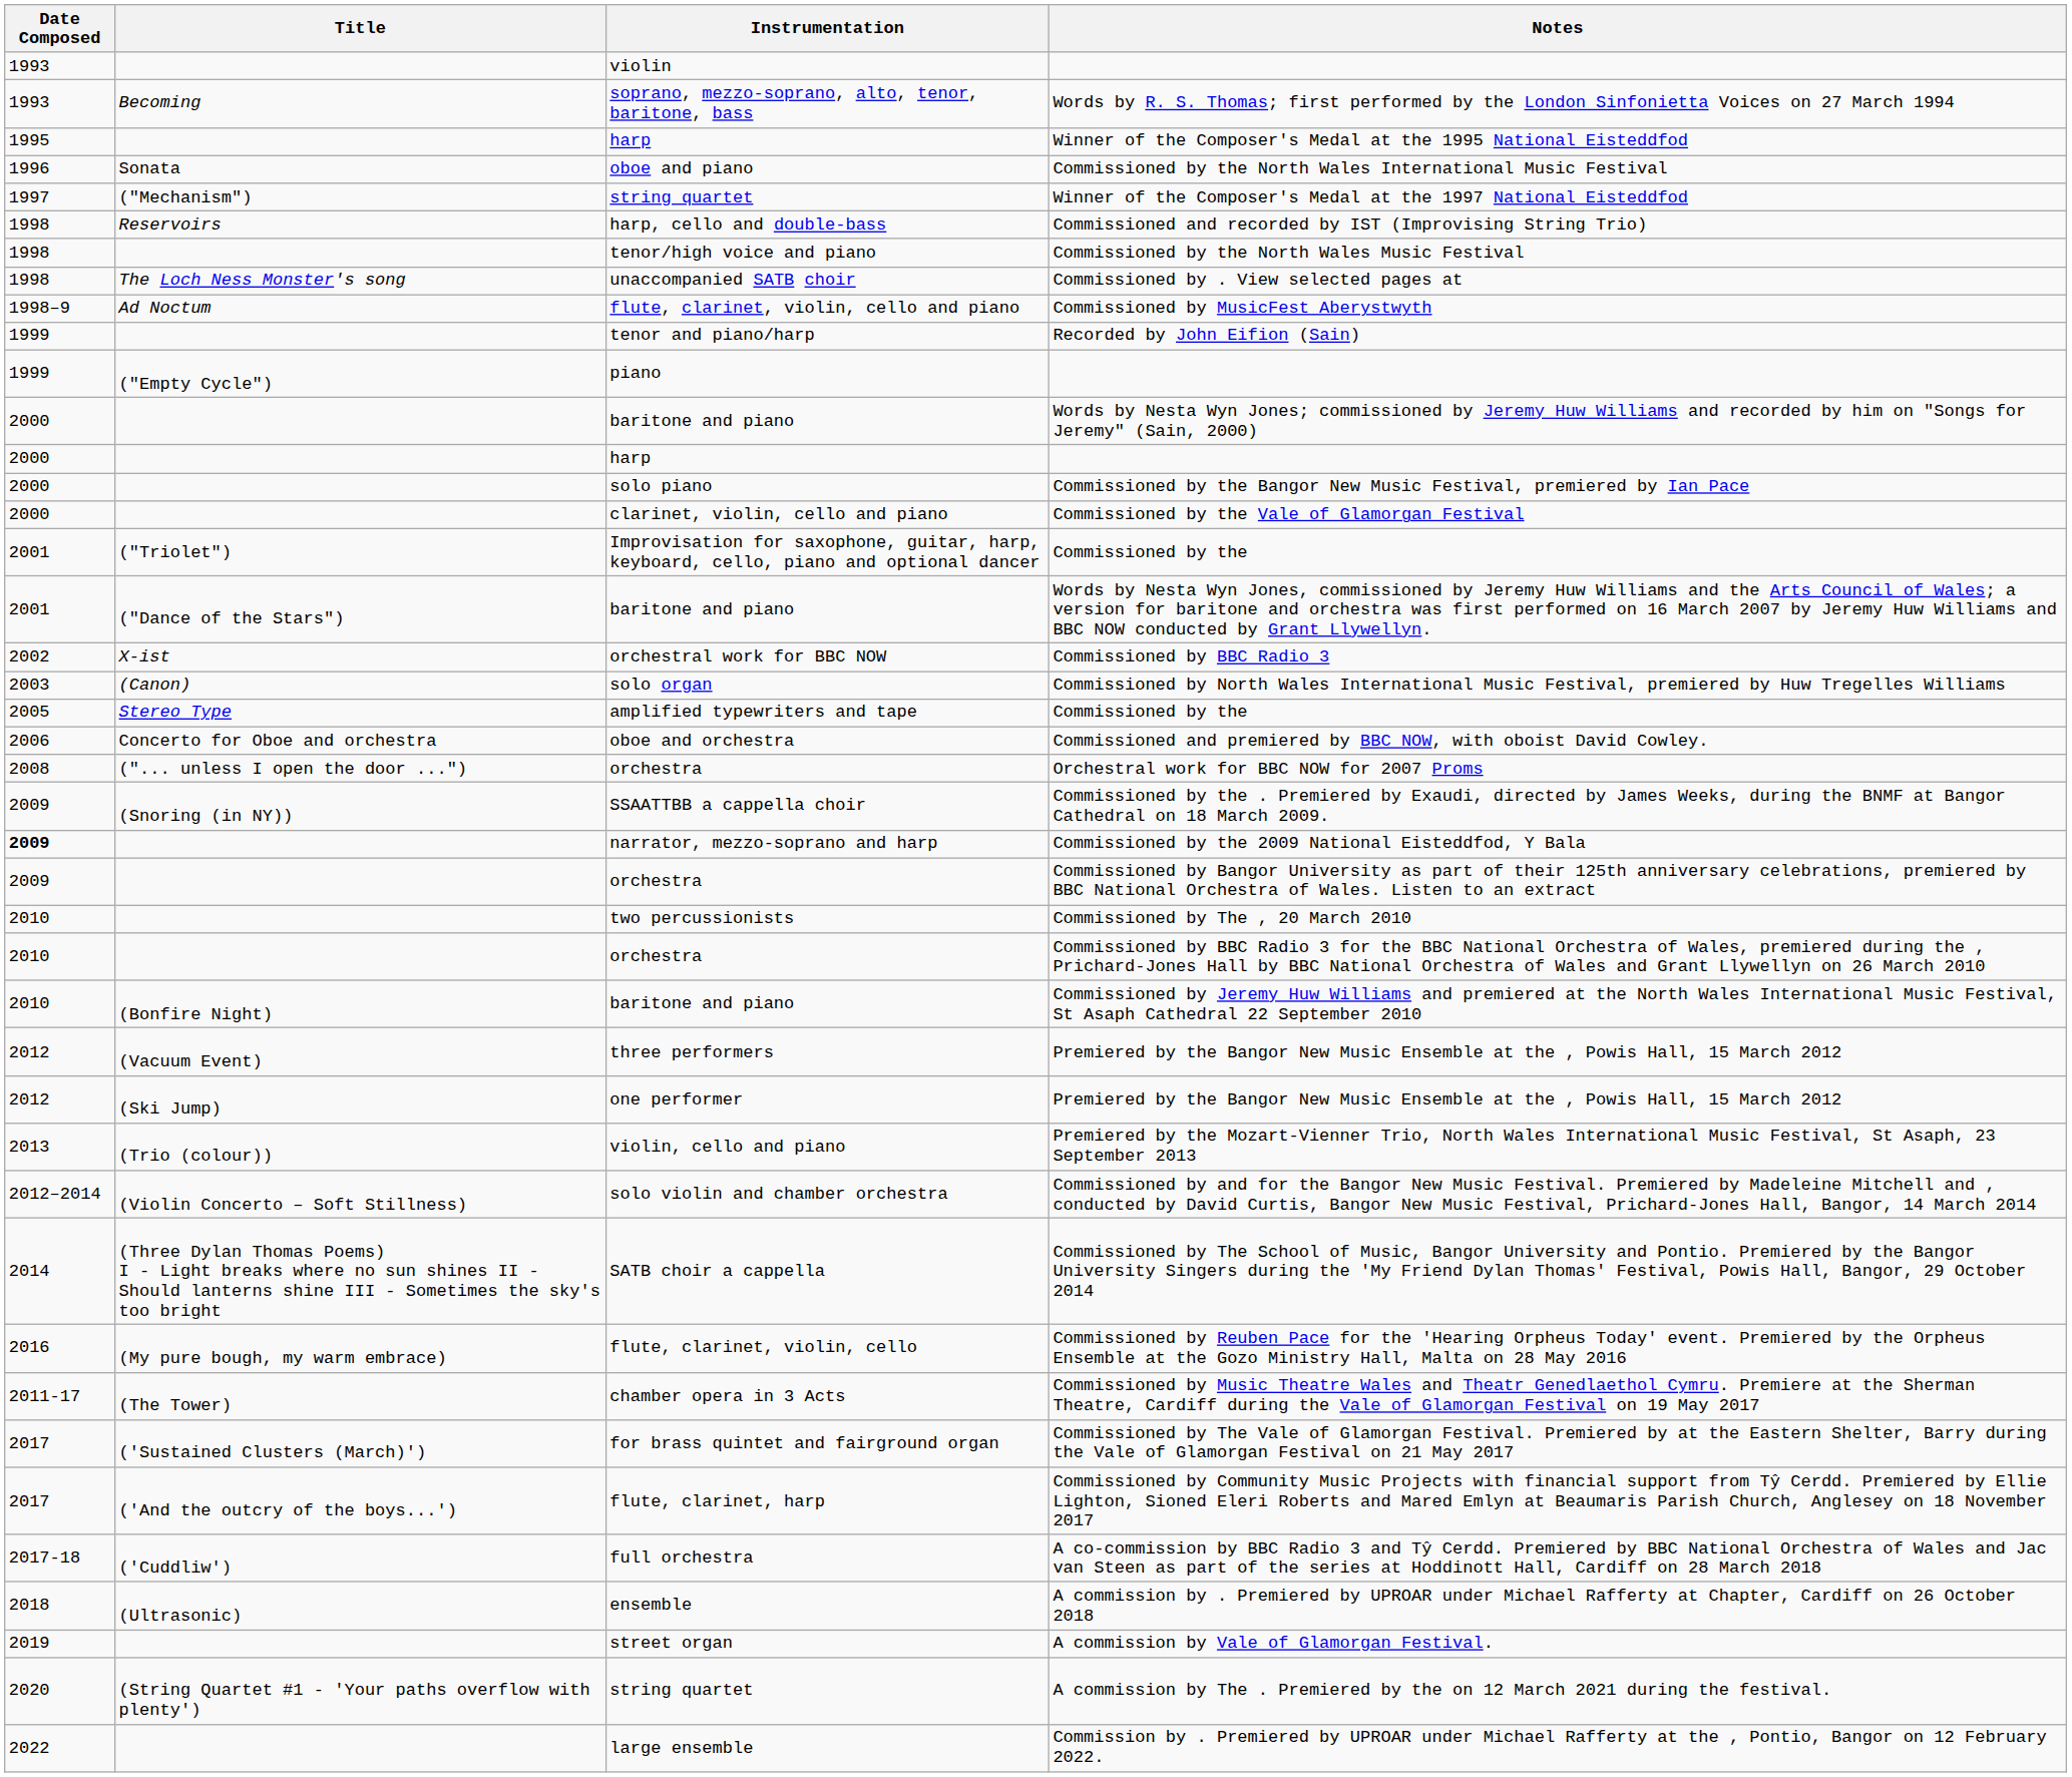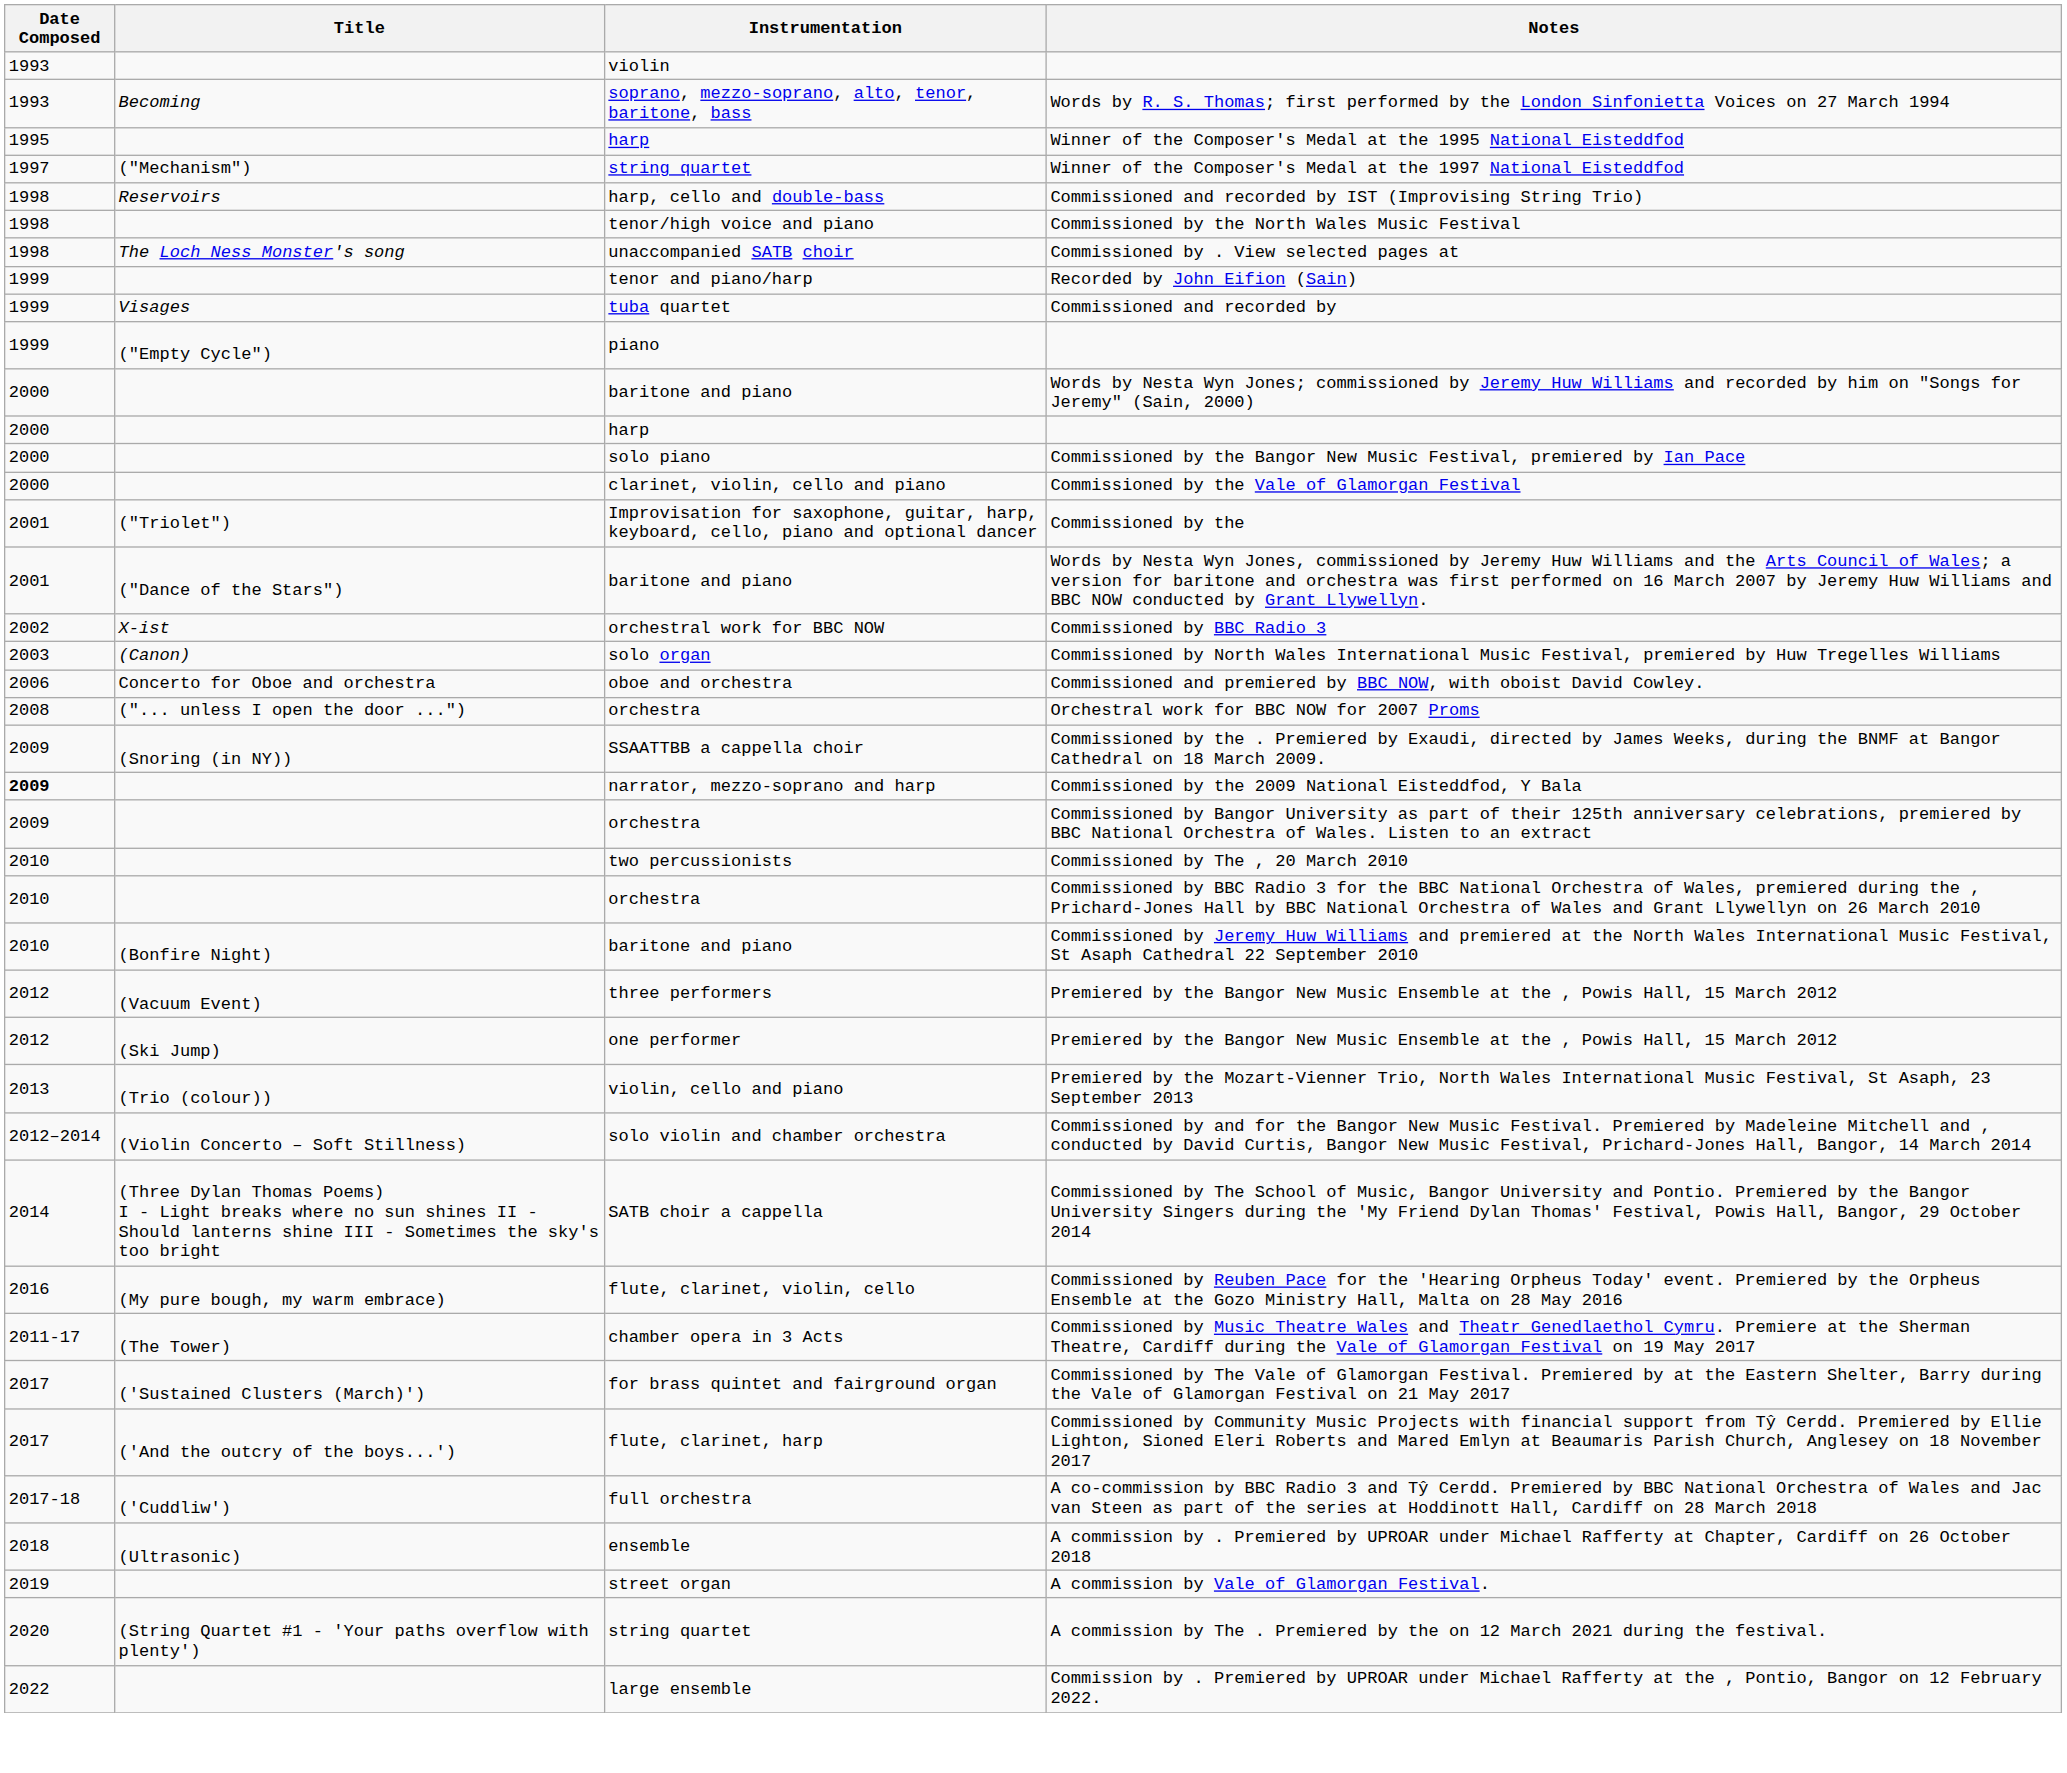 <table class="wikitable sortable">
 <tr>
 <th>Date Composed</th>
 <th>Title</th>
 <th class="unsortable">Instrumentation</th>
 <th class="unsortable">Notes</th>
 </tr>
 <tr>
 <td>1993</td>
 <td></td>
 <td>violin</td>
 <td></td>
 </tr>
 <tr>
 <td>1993</td>
 <td><em>Becoming</em></td>
 <td><a href='#'>soprano</a>, <a href='#'>mezzo-soprano</a>, <a href='#'>alto</a>, <a href='#'>tenor</a>, <a href='#'>baritone</a>, <a href='#'>bass</a></td>
 <td>Words by <a href='#'>R. S. Thomas</a>; first performed by the <a href='#'>London Sinfonietta</a> Voices on 27 March 1994</td>
 </tr>
 <tr>
 <td>1995</td>
 <td></td>
 <td><a href='#'>harp</a></td>
 <td>Winner of the Composer's Medal at the 1995 <a href='#'>National Eisteddfod</a></td>
 </tr>
 <tr>
-<td>1996</td>
-<td>Sonata</td>
-<td><a href='#'>oboe</a> and piano</td>
-<td>Commissioned by the North Wales International Music Festival</td>
-</tr>
-<tr>
 <td>1997</td>
 <td> ("Mechanism")</td>
 <td><a href='#'>string quartet</a></td>
 <td>Winner of the Composer's Medal at the 1997 <a href='#'>National Eisteddfod</a></td>
 </tr>
 <tr>
 <td>1998</td>
 <td><em>Reservoirs</em></td>
 <td>harp, cello and <a href='#'>double-bass</a></td>
 <td>Commissioned and recorded by IST (Improvising String Trio)</td>
 </tr>
 <tr>
 <td>1998</td>
 <td></td>
 <td>tenor/high voice and piano</td>
 <td>Commissioned by the North Wales Music Festival</td>
 </tr>
 <tr>
 <td>1998</td>
 <td><em>The <a href='#'>Loch Ness Monster</a>'s song</em></td>
 <td>unaccompanied <a href='#'>SATB</a> <a href='#'>choir</a></td>
 <td>Commissioned by . View selected pages at </td>
 </tr>
 <tr>
-<td>1998–9</td>
-<td><em>Ad Noctum</em></td>
-<td><a href='#'>flute</a>, <a href='#'>clarinet</a>, violin, cello and piano</td>
-<td>Commissioned by <a href='#'>MusicFest Aberystwyth</a></td>
-</tr>
-<tr>
 <td>1999</td>
 <td></td>
 <td>tenor and piano/harp</td>
 <td>Recorded by <a href='#'>John Eifion</a> (<a href='#'>Sain</a>)</td>
+</tr>
+<tr>
+<td>1999</td>
+<td><em>Visages</em></td>
+<td><a href='#'>tuba</a> quartet</td>
+<td>Commissioned and recorded by  </td>
 </tr>
 <tr>
 <td>1999</td>
 <td><em></em><br>("Empty Cycle")</td>
 <td>piano</td>
 <td></td>
 </tr>
 <tr>
 <td>2000</td>
 <td></td>
 <td>baritone and piano</td>
 <td>Words by Nesta Wyn Jones; commissioned by <a href='#'>Jeremy Huw Williams</a> and recorded by him on "Songs for Jeremy" (Sain, 2000)</td>
 </tr>
 <tr>
 <td>2000</td>
 <td><em></em></td>
 <td>harp</td>
 <td></td>
 </tr>
 <tr>
 <td>2000</td>
 <td></td>
 <td>solo piano</td>
 <td>Commissioned by the Bangor New Music Festival, premiered by <a href='#'>Ian Pace</a></td>
 </tr>
 <tr>
 <td>2000</td>
 <td><em></em></td>
 <td>clarinet, violin, cello and piano</td>
 <td>Commissioned by the <a href='#'>Vale of Glamorgan Festival</a></td>
 </tr>
 <tr>
 <td>2001</td>
 <td><em></em> ("Triolet")</td>
 <td>Improvisation for saxophone, guitar, harp, keyboard, cello, piano and optional dancer</td>
 <td>Commissioned by the </td>
 </tr>
 <tr>
 <td>2001</td>
 <td><br>("Dance of the Stars")</td>
 <td>baritone and piano</td>
 <td>Words by Nesta Wyn Jones, commissioned by Jeremy Huw Williams and the <a href='#'>Arts Council of Wales</a>; a version for baritone and orchestra was first performed on 16 March 2007 by Jeremy Huw Williams and BBC NOW conducted by <a href='#'>Grant Llywellyn</a>.</td>
 </tr>
 <tr>
 <td>2002</td>
 <td><em>X-ist</em></td>
 <td>orchestral work for BBC NOW</td>
 <td>Commissioned by <a href='#'>BBC Radio 3</a></td>
 </tr>
 <tr>
 <td>2003</td>
 <td><em> (Canon)</em></td>
 <td>solo <a href='#'>organ</a></td>
 <td>Commissioned by North Wales International Music Festival, premiered by Huw Tregelles Williams</td>
-</tr>
-<tr>
-<td>2005</td>
-<td><em><a href='#'>Stereo Type</a></em></td>
-<td>amplified typewriters and tape</td>
-<td>Commissioned by the </td>
 </tr>
 <tr>
 <td>2006</td>
 <td>Concerto for Oboe and orchestra</td>
 <td>oboe and orchestra</td>
 <td>Commissioned and premiered by <a href='#'>BBC NOW</a>, with oboist David Cowley.</td>
 </tr>
 <tr>
 <td>2008</td>
 <td> ("... unless I open the door ...")</td>
 <td>orchestra</td>
 <td>Orchestral work for BBC NOW for 2007 <a href='#'>Proms</a></td>
 </tr>
 <tr>
 <td>2009</td>
 <td><br>(Snoring (in NY))</td>
 <td>SSAATTBB a cappella choir</td>
 <td>Commissioned by the . Premiered by Exaudi, directed by James Weeks, during the BNMF at Bangor Cathedral on 18 March 2009.</td>
 </tr>
 <tr>
 <td><strong>2009</strong></td>
 <td><em></em></td>
 <td>narrator, mezzo-soprano and harp</td>
 <td>Commissioned by the 2009 National Eisteddfod, Y Bala</td>
 </tr>
 <tr>
 <td>2009</td>
 <td><em> </em></td>
 <td>orchestra</td>
 <td>Commissioned by Bangor University as part of their 125th anniversary celebrations, premiered by BBC National Orchestra of Wales. Listen to an extract </td>
 </tr>
 <tr>
 <td>2010</td>
 <td><em></em></td>
 <td>two percussionists</td>
 <td>Commissioned by The , 20 March 2010</td>
 </tr>
 <tr>
 <td>2010</td>
 <td><em></em></td>
 <td>orchestra</td>
 <td>Commissioned by BBC Radio 3 for the BBC National Orchestra of Wales, premiered during the , Prichard-Jones Hall by BBC National Orchestra of Wales and Grant Llywellyn on 26 March 2010</td>
 </tr>
 <tr>
 <td>2010</td>
 <td><br>(Bonfire Night)</td>
 <td>baritone and piano</td>
 <td>Commissioned by <a href='#'>Jeremy Huw Williams</a> and premiered at the North Wales International Music Festival, St Asaph Cathedral 22 September 2010</td>
 </tr>
 <tr>
 <td>2012</td>
 <td><br>(Vacuum Event)</td>
 <td>three performers</td>
 <td>Premiered by the Bangor New Music Ensemble at the , Powis Hall, 15 March 2012</td>
 </tr>
 <tr>
 <td>2012</td>
 <td><br>(Ski Jump)</td>
 <td>one performer</td>
 <td>Premiered by the Bangor New Music Ensemble at the , Powis Hall, 15 March 2012</td>
 </tr>
 <tr>
 <td>2013</td>
 <td><br>(Trio (colour))</td>
 <td>violin, cello and piano</td>
 <td>Premiered by the Mozart-Vienner Trio, North Wales International Music Festival, St Asaph, 23 September 2013</td>
 </tr>
 <tr>
 <td>2012–2014</td>
 <td><br>(Violin Concerto – Soft Stillness)</td>
 <td>solo violin and chamber orchestra</td>
 <td>Commissioned by  and  for the Bangor New Music Festival. Premiered by Madeleine Mitchell and , conducted by David Curtis, Bangor New Music Festival, Prichard-Jones Hall, Bangor, 14 March 2014</td>
 </tr>
 <tr>
 <td>2014</td>
 <td><br>(Three Dylan Thomas Poems)<br>I - Light breaks where no sun shines II - Should lanterns shine III - Sometimes the sky's too bright</td>
 <td>SATB choir a cappella</td>
 <td>Commissioned by The School of Music, Bangor University and Pontio. Premiered by the Bangor University Singers during the 'My Friend Dylan Thomas' Festival, Powis Hall, Bangor, 29 October 2014</td>
 </tr>
 <tr>
 <td>2016</td>
 <td><br>(My pure bough, my warm embrace)</td>
 <td>flute, clarinet, violin, cello</td>
 <td>Commissioned by <a href='#'>Reuben Pace</a> for the 'Hearing Orpheus Today' event. Premiered by the Orpheus Ensemble at the Gozo Ministry Hall, Malta on 28 May 2016</td>
 </tr>
 <tr>
 <td>2011-17</td>
 <td><br>(The Tower)</td>
 <td>chamber opera in 3 Acts</td>
 <td>Commissioned by <a href='#'>Music Theatre Wales</a> and <a href='#'>Theatr Genedlaethol Cymru</a>. Premiere at the Sherman Theatre, Cardiff during the <a href='#'>Vale of Glamorgan Festival</a> on 19 May 2017</td>
 </tr>
 <tr>
 <td>2017</td>
 <td><br>('Sustained Clusters (March)')</td>
 <td>for brass quintet and fairground organ</td>
 <td>Commissioned by The Vale of Glamorgan Festival. Premiered by  at the Eastern Shelter, Barry during the Vale of Glamorgan Festival on 21 May 2017</td>
 </tr>
 <tr>
 <td>2017</td>
 <td><br>('And the outcry of the boys...')</td>
 <td>flute, clarinet, harp</td>
 <td>Commissioned by Community Music Projects with financial support from Tŷ Cerdd. Premiered by Ellie Lighton, Sioned Eleri Roberts and Mared Emlyn at Beaumaris Parish Church, Anglesey on 18 November 2017</td>
 </tr>
 <tr>
 <td>2017-18</td>
 <td><br>('Cuddliw')</td>
 <td>full orchestra</td>
 <td>A co-commission by BBC Radio 3 and Tŷ Cerdd. Premiered by BBC National Orchestra of Wales and Jac van Steen as part of the  series at Hoddinott Hall, Cardiff on 28 March 2018</td>
 </tr>
 <tr>
 <td>2018</td>
 <td><br>(Ultrasonic)</td>
 <td>ensemble</td>
 <td>A commission by . Premiered by UPROAR under Michael Rafferty at Chapter, Cardiff on 26 October 2018</td>
 </tr>
 <tr>
 <td>2019</td>
 <td></td>
 <td>street organ</td>
 <td>A commission by <a href='#'>Vale of Glamorgan Festival</a>.</td>
 </tr>
 <tr>
 <td>2020</td>
 <td><br>(String Quartet #1 - 'Your paths overflow with plenty')</td>
 <td>string quartet</td>
 <td>A commission by The . Premiered by the  on 12 March 2021 during the festival.</td>
 </tr>
 <tr>
 <td>2022</td>
 <td></td>
 <td>large ensemble</td>
 <td>Commission by . Premiered by UPROAR under Michael Rafferty at the , Pontio, Bangor on 12 February 2022.</td>
 </tr>
 </table>
